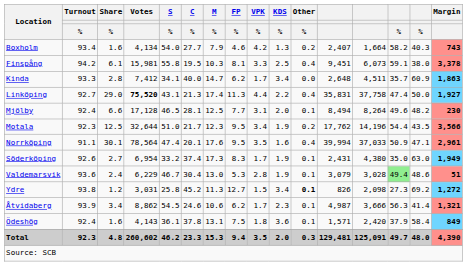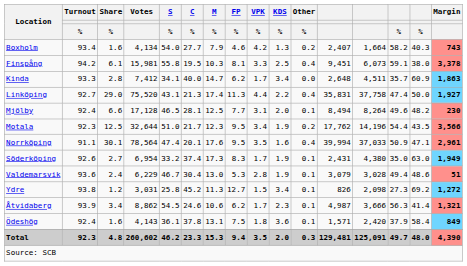 <table class="wikitable sortable" style="text-align:right; font-size:95%; line-height:20px;">
 <tr>
 <th rowspan="3">Location</th>
 <th>Turnout</th>
 <th>Share</th>
 <th>Votes</th>
 <th width="30px" class="unsortable"><a href='#'>S</a></th>
 <th width="30px" class="unsortable"><a href='#'>C</a></th>
 <th width="30px" class="unsortable"><a href='#'>M</a></th>
 <th width="30px" class="unsortable"><a href='#'>FP</a></th>
 <th width="30px" class="unsortable"><a href='#'>VPK</a></th>
 <th width="30px" class="unsortable"><a href='#'>KDS</a></th>
 <th width="30px" class="unsortable">Other</th>
 <th></th>
 <th></th>
 <th></th>
 <th></th>
 <th>Margin</th>
 </tr>
 <tr>
 <th></th>
 <th></th>
 <th></th>
 <th style="background:"></th>
 <th style="background:"></th>
 <th style="background:"></th>
 <th style="background:"></th>
 <th style="background:"></th>
 <th style="background:"></th>
 <th style="background:"></th>
 <th style="background:"></th>
 <th style="background:"></th>
 <th style="background:"></th>
 <th style="background:"></th>
 <th></th>
 </tr>
 <tr>
 <th data-sort-type="number">%</th>
 <th data-sort-type="number">%</th>
 <th></th>
 <th data-sort-type="number">%</th>
 <th data-sort-type="number">%</th>
 <th data-sort-type="number">%</th>
 <th data-sort-type="number">%</th>
 <th data-sort-type="number">%</th>
 <th data-sort-type="number">%</th>
 <th data-sort-type="number">%</th>
 <th data-sort-type="number"></th>
 <th data-sort-type="number"></th>
 <th data-sort-type="number">%</th>
 <th data-sort-type="number">%</th>
 <th data-sort-type="number"></th>
 </tr>
 <tr>
 <td align=left><a href='#'>Boxholm</a></td>
 <td>93.4</td>
 <td>1.6</td>
 <td>4,134</td>
 <td>54.0</td>
 <td>27.7</td>
 <td>7.9</td>
 <td>4.6</td>
 <td>4.2</td>
 <td>1.3</td>
 <td>0.2</td>
 <td>2,407</td>
 <td>1,664</td>
 <td>58.2</td>
 <td>40.3</td>
 <td bgcolor=#ff908c><strong>743</strong></td>
 </tr>
 <tr>
 <td align=left><a href='#'>Finspång</a></td>
 <td>94.2</td>
 <td>6.1</td>
 <td>15,981</td>
 <td>55.8</td>
 <td>19.5</td>
 <td>10.3</td>
 <td>8.1</td>
 <td>3.3</td>
 <td>2.5</td>
 <td>0.4</td>
 <td>9,451</td>
 <td>6,073</td>
 <td>59.1</td>
 <td>38.0</td>
 <td bgcolor=#ff908c><strong>3,378</strong></td>
 </tr>
 <tr>
 <td align=left><a href='#'>Kinda</a></td>
 <td>93.3</td>
 <td>2.8</td>
 <td>7,412</td>
 <td>34.1</td>
 <td>40.0</td>
 <td>14.7</td>
 <td>6.2</td>
 <td>1.7</td>
 <td>3.4</td>
 <td>0.0</td>
 <td>2,648</td>
 <td>4,511</td>
 <td>35.7</td>
 <td>60.9</td>
 <td bgcolor=#6fd5fe><strong>1,863</strong></td>
 </tr>
 <tr>
 <td align=left><a href='#'>Linköping</a></td>
 <td>92.7</td>
 <td>29.0</td>
-<td><strong>75,520</strong></td>
+<td>75,520</td>
 <td>43.1</td>
 <td>21.3</td>
 <td>17.4</td>
 <td>11.3</td>
 <td>4.4</td>
 <td>2.2</td>
 <td>0.4</td>
 <td>35,831</td>
 <td>37,758</td>
 <td>47.4</td>
 <td>50.0</td>
 <td bgcolor=#6fd5fe><strong>1,927</strong></td>
 </tr>
 <tr>
 <td align=left><a href='#'>Mjölby</a></td>
 <td>92.4</td>
 <td>6.6</td>
 <td>17,128</td>
 <td>46.5</td>
 <td>28.1</td>
 <td>12.5</td>
 <td>7.7</td>
 <td>3.1</td>
 <td>2.0</td>
 <td>0.1</td>
 <td>8,494</td>
 <td>8,264</td>
 <td>49.6</td>
 <td>48.2</td>
 <td bgcolor=#ff908c><strong>230</strong></td>
 </tr>
 <tr>
 <td align=left><a href='#'>Motala</a></td>
 <td>92.3</td>
 <td>12.5</td>
 <td>32,644</td>
 <td>51.0</td>
 <td>21.7</td>
 <td>12.3</td>
 <td>9.5</td>
 <td>3.4</td>
 <td>1.9</td>
 <td>0.2</td>
 <td>17,762</td>
 <td>14,196</td>
 <td>54.4</td>
 <td>43.5</td>
 <td bgcolor=#ff908c><strong>3,566</strong></td>
 </tr>
 <tr>
 <td align=left><a href='#'>Norrköping</a></td>
 <td>91.1</td>
 <td>30.1</td>
 <td>78,564</td>
 <td>47.4</td>
 <td>20.1</td>
 <td>17.6</td>
 <td>9.5</td>
 <td>3.5</td>
 <td>1.6</td>
 <td>0.4</td>
 <td>39,994</td>
 <td>37,033</td>
 <td>50.9</td>
 <td>47.1</td>
 <td bgcolor=#ff908c><strong>2,961</strong></td>
 </tr>
 <tr>
 <td align=left><a href='#'>Söderköping</a></td>
 <td>92.6</td>
 <td>2.7</td>
 <td>6,954</td>
 <td>33.2</td>
 <td>37.4</td>
 <td>17.3</td>
 <td>8.3</td>
 <td>1.7</td>
 <td>1.9</td>
 <td>0.1</td>
 <td>2,431</td>
 <td>4,380</td>
 <td>35.0</td>
 <td>63.0</td>
 <td bgcolor=#6fd5fe><strong>1,949</strong></td>
 </tr>
 <tr>
 <td align=left><a href='#'>Valdemarsvik</a></td>
 <td>93.6</td>
 <td>2.4</td>
 <td>6,229</td>
 <td>46.7</td>
 <td>30.4</td>
 <td>13.0</td>
 <td>5.3</td>
 <td>2.8</td>
 <td>1.9</td>
 <td>0.1</td>
 <td>3,079</td>
 <td>3,028</td>
-<td style="background: lightgreen;">49.4</td>
+<td>49.4</td>
 <td>48.6</td>
 <td bgcolor=#ff908c><strong>51</strong></td>
 </tr>
 <tr>
 <td align=left><a href='#'>Ydre</a></td>
 <td>93.8</td>
 <td>1.2</td>
 <td>3,031</td>
 <td>25.8</td>
 <td>45.2</td>
 <td>11.3</td>
 <td>12.7</td>
 <td>1.5</td>
 <td>3.4</td>
-<td><strong>0.1</strong></td>
+<td>0.1</td>
 <td>826</td>
 <td>2,098</td>
 <td>27.3</td>
 <td>69.2</td>
 <td bgcolor=#6fd5fe><strong>1,272</strong></td>
 </tr>
 <tr>
 <td align=left><a href='#'>Åtvidaberg</a></td>
 <td>93.9</td>
 <td>3.4</td>
 <td>8,862</td>
 <td>54.5</td>
 <td>24.6</td>
 <td>10.6</td>
 <td>6.2</td>
 <td>1.7</td>
 <td>2.3</td>
 <td>0.1</td>
 <td>4,987</td>
 <td>3,666</td>
 <td>56.3</td>
 <td>41.4</td>
 <td bgcolor=#ff908c><strong>1,321</strong></td>
 </tr>
 <tr>
 <td align=left><a href='#'>Ödeshög</a></td>
 <td>92.4</td>
 <td>1.6</td>
 <td>4,143</td>
 <td>36.1</td>
 <td>37.8</td>
 <td>13.1</td>
 <td>7.5</td>
 <td>1.8</td>
 <td>3.6</td>
 <td>0.1</td>
 <td>1,571</td>
 <td>2,420</td>
 <td>37.9</td>
 <td>58.4</td>
 <td bgcolor=#6fd5fe><strong>849</strong></td>
 </tr>
 <tr>
 </tr>
 <tr style="background:#CDCDCD;">
 <td align=left><strong>Total</strong></td>
 <td><strong>92.3</strong></td>
 <td><strong>4.8</strong></td>
 <td><strong>260,602</strong></td>
 <td><strong>46.2</strong></td>
 <td><strong>23.3</strong></td>
 <td><strong>15.3</strong></td>
 <td><strong>9.4</strong></td>
 <td><strong>3.5</strong></td>
 <td><strong>2.0</strong></td>
 <td><strong>0.3</strong></td>
 <td><strong>129,481</strong></td>
 <td><strong>125,091</strong></td>
 <td><strong>49.7</strong></td>
 <td><strong>48.0</strong></td>
 <td bgcolor=#ff908c><strong>4,390</strong></td>
 </tr>
 <tr>
 <td align=left colspan=16>Source: SCB </td>
 </tr>
 </table>
